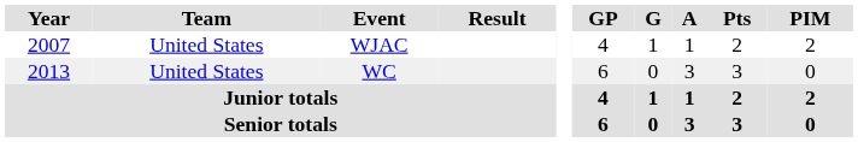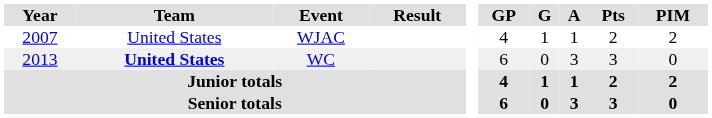 <table border="0" cellpadding="1" cellspacing="0" style="text-align:center; width:40em">
 <tr ALIGN="center" bgcolor="#e0e0e0">
 <th>Year</th>
 <th>Team</th>
 <th>Event</th>
 <th>Result</th>
 <th rowspan="99" bgcolor="#ffffff"> </th>
 <th>GP</th>
 <th>G</th>
 <th>A</th>
 <th>Pts</th>
 <th>PIM</th>
 </tr>
 <tr>
 <td><a href='#'>2007</a></td>
 <td><a href='#'>United States</a></td>
 <td><a href='#'>WJAC</a></td>
 <td></td>
 <td>4</td>
 <td>1</td>
 <td>1</td>
 <td>2</td>
 <td>2</td>
 </tr>
 <tr bgcolor="#f0f0f0">
 <td><a href='#'>2013</a></td>
-<td><a href='#'>United States</a></td>
+<td><strong><a href='#'>United States</a></strong></td>
 <td><a href='#'>WC</a></td>
 <td></td>
 <td>6</td>
 <td>0</td>
 <td>3</td>
 <td>3</td>
 <td>0</td>
 </tr>
 <tr bgcolor="#e0e0e0">
 <th colspan="4">Junior totals</th>
 <th>4</th>
 <th>1</th>
 <th>1</th>
 <th>2</th>
 <th>2</th>
 </tr>
 <tr bgcolor="#e0e0e0">
 <th colspan="4">Senior totals</th>
 <th>6</th>
 <th>0</th>
 <th>3</th>
 <th>3</th>
 <th>0</th>
 </tr>
 </table>
